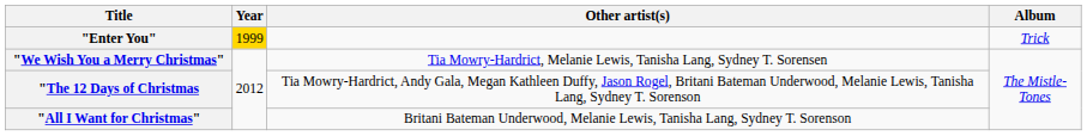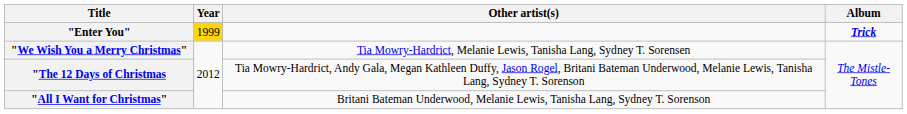 <table class="wikitable plainrowheaders" style="text-align:center;">
 <tr>
 <th scope="col" style="width:16em;">Title</th>
 <th scope="col" style="width:1em;">Year</th>
 <th scope="col">Other artist(s)</th>
 <th scope="col">Album</th>
 </tr>
 <tr>
 <th scope="row">"Enter You"</th>
 <td style="background: gold;">1999</td>
 <td></td>
-<td><em><a href='#'>Trick</a></em></td>
+<td><strong><em><a href='#'>Trick</a></em></strong></td>
 </tr>
 <tr>
 <th scope="row">"<a href='#'>We Wish You a Merry Christmas</a>"</th>
 <td rowspan=3>2012</td>
 <td><a href='#'>Tia Mowry-Hardrict</a>, Melanie Lewis, Tanisha Lang, Sydney T. Sorensen</td>
 <td rowspan=3><em><a href='#'>The Mistle-Tones</a></em></td>
 </tr>
 <tr>
 <th scope="row">"<a href='#'>The 12 Days of Christmas</a></th>
 <td>Tia Mowry-Hardrict, Andy Gala, Megan Kathleen Duffy, <a href='#'>Jason Rogel</a>, Britani Bateman Underwood, Melanie Lewis, Tanisha Lang, Sydney T. Sorenson</td>
 </tr>
 <tr>
 <th scope="row">"<a href='#'>All I Want for Christmas</a>"</th>
 <td>Britani Bateman Underwood, Melanie Lewis, Tanisha Lang, Sydney T. Sorenson</td>
 </tr>
 </table>
